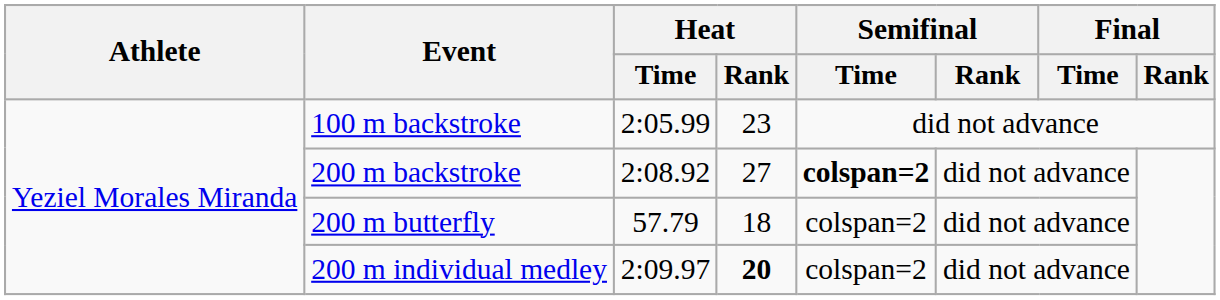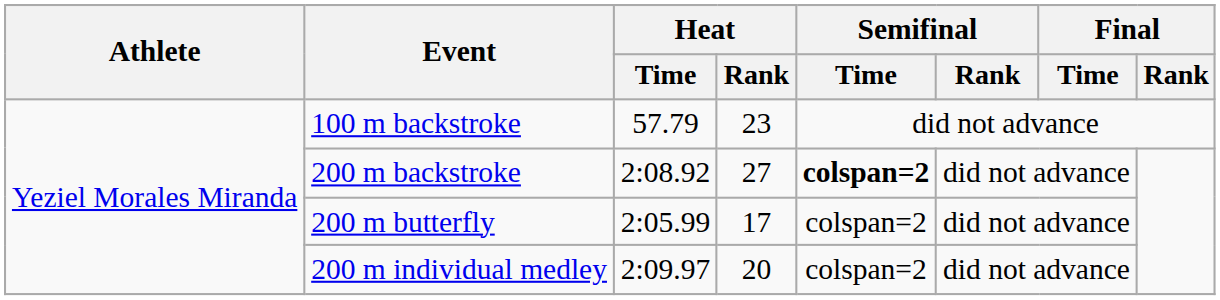 <table class=wikitable style="font-size:90%">
 <tr>
 <th rowspan=2>Athlete</th>
 <th rowspan=2>Event</th>
 <th colspan="2">Heat</th>
 <th colspan="2">Semifinal</th>
 <th colspan="2">Final</th>
 </tr>
 <tr style="font-size:95%">
 <th>Time</th>
 <th>Rank</th>
 <th>Time</th>
 <th>Rank</th>
 <th>Time</th>
 <th>Rank</th>
 </tr>
 <tr align=center>
 <td align=left rowspan=4><a href='#'>Yeziel Morales Miranda</a></td>
 <td align=left><a href='#'>100 m backstroke</a></td>
-<td>2:05.99</td>
+<td>57.79</td>
 <td>23</td>
 <td colspan=4>did not advance</td>
 </tr>
 <tr align=center>
 <td align=left><a href='#'>200 m backstroke</a></td>
 <td>2:08.92</td>
 <td>27</td>
 <td><strong>colspan=2 </strong></td>
 <td colspan=2>did not advance</td>
 </tr>
 <tr align=center>
 <td align=left><a href='#'>200 m butterfly</a></td>
-<td>57.79</td>
-<td>18</td>
+<td>2:05.99</td>
+<td>17</td>
 <td>colspan=2 </td>
 <td colspan=2>did not advance</td>
 </tr>
 <tr align=center>
 <td align=left><a href='#'>200 m individual medley</a></td>
 <td>2:09.97</td>
-<td><strong>20</strong></td>
+<td>20</td>
 <td>colspan=2 </td>
 <td colspan=2>did not advance</td>
 </tr>
 </table>
